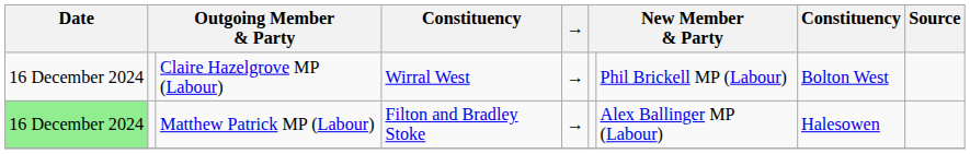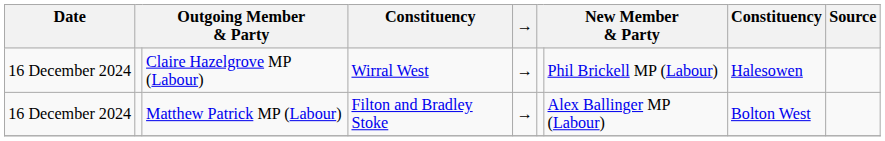 <table class="wikitable">
 <tr>
 <th valign="top">Date</th>
 <th colspan="2" valign="top">Outgoing Member<br>& Party</th>
 <th valign="top">Constituency</th>
 <th>→</th>
 <th colspan="2" valign="top">New Member<br>& Party</th>
 <th valign="top">Constituency</th>
 <th valign="top">Source</th>
 </tr>
 <tr>
 <td nowrap>16 December 2024</td>
 <td style="color:inherit;background:"></td>
 <td><a href='#'>Claire Hazelgrove</a> MP (<a href='#'>Labour</a>)</td>
 <td><a href='#'>Wirral West</a></td>
 <td>→</td>
 <td style="color:inherit;background:"></td>
 <td><a href='#'>Phil Brickell</a> MP (<a href='#'>Labour</a>)</td>
-<td><a href='#'>Bolton West</a></td>
+<td><a href='#'>Halesowen</a></td>
 <td></td>
 </tr>
 <tr>
-<td nowrap style="background: lightgreen;">16 December 2024</td>
+<td nowrap>16 December 2024</td>
 <td style="color:inherit;background:"></td>
 <td><a href='#'>Matthew Patrick</a> MP (<a href='#'>Labour</a>)</td>
 <td><a href='#'>Filton and Bradley Stoke</a></td>
 <td>→</td>
 <td style="color:inherit;background:"></td>
 <td><a href='#'>Alex Ballinger</a> MP (<a href='#'>Labour</a>)</td>
-<td><a href='#'>Halesowen</a></td>
+<td><a href='#'>Bolton West</a></td>
 <td></td>
 </tr>
 <tr>
 </tr>
 </table>
